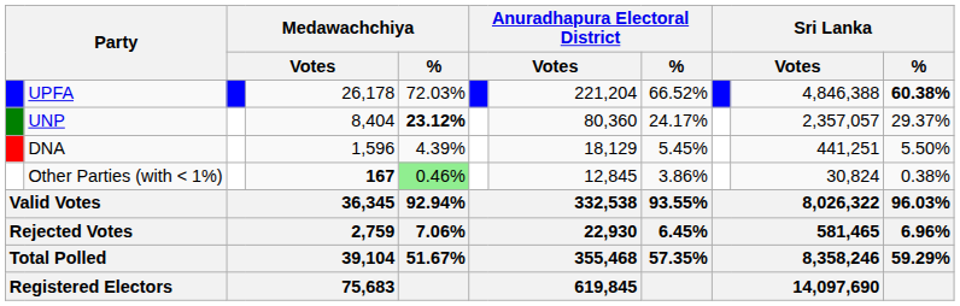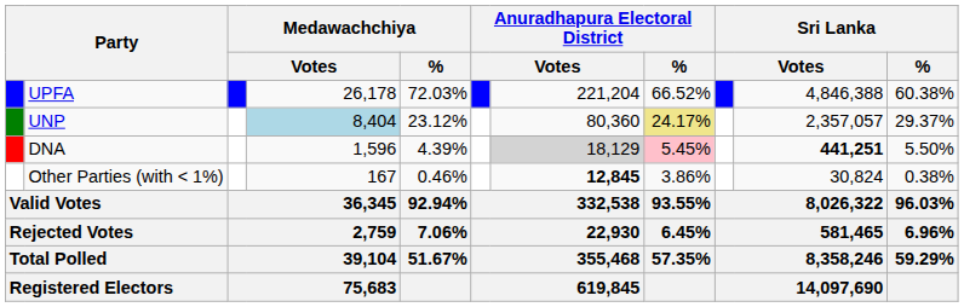 <table class="wikitable">
 <tr>
 <th colspan="2" width="144px"rowspan="2">Party</th>
 <th colspan="3" width="216px">Medawachchiya</th>
 <th colspan="3" width="216px"><a href='#'>Anuradhapura Electoral District</a></th>
 <th colspan="3" width="216px">Sri Lanka</th>
 </tr>
 <tr>
 <th colspan="2" width="144px">Votes</th>
 <th>%</th>
 <th colspan="2" width="144px">Votes</th>
 <th>%</th>
 <th colspan="2" width="144px">Votes</th>
 <th>%</th>
 </tr>
 <tr>
 <td style="background-color:blue;" width="10px"></td>
 <td style="text-align:left;"><a href='#'>UPFA</a></td>
 <td style="background-color:blue;" width="10px"></td>
 <td style="text-align:right;">26,178</td>
 <td style="text-align:right;">72.03%</td>
 <td style="background-color:blue;" width="10px"></td>
 <td style="text-align:right;">221,204</td>
 <td style="text-align:right;">66.52%</td>
 <td style="background-color:blue;" width="10px"></td>
 <td style="text-align:right;">4,846,388</td>
-<td style="text-align:right;"><strong>60.38%</strong></td>
+<td style="text-align:right;">60.38%</td>
 </tr>
 <tr>
 <td style="background-color:green;" width="10px"></td>
 <td style="text-align:left;"><a href='#'>UNP</a></td>
 <td style="background-color:white;" width="10px"></td>
-<td style="text-align:right;">8,404</td>
-<td style="text-align:right;"><strong>23.12%</strong></td>
+<td style="background: lightblue; text-align:right;">8,404</td>
+<td style="text-align:right;">23.12%</td>
 <td style="background-color:white;" width="10px"></td>
 <td style="text-align:right;">80,360</td>
-<td style="text-align:right;">24.17%</td>
+<td style="background: khaki; text-align:right;">24.17%</td>
 <td style="background-color:white;" width="10px"></td>
 <td style="text-align:right;">2,357,057</td>
 <td style="text-align:right;">29.37%</td>
 </tr>
 <tr>
 <td style="background-color:red;" width="10px"></td>
 <td style="text-align:left;">DNA</td>
 <td style="background-color:white;" width="10px"></td>
 <td style="text-align:right;">1,596</td>
 <td style="text-align:right;">4.39%</td>
 <td style="background-color:white;" width="10px"></td>
-<td style="text-align:right;">18,129</td>
-<td style="text-align:right;">5.45%</td>
+<td style="background: lightgrey; text-align:right;">18,129</td>
+<td style="background: pink; text-align:right;">5.45%</td>
 <td style="background-color:white;" width="10px"></td>
-<td style="text-align:right;">441,251</td>
+<td style="text-align:right;"><strong>441,251</strong></td>
 <td style="text-align:right;">5.50%</td>
 </tr>
 <tr>
 <td style="background-color:white;" width="10px"></td>
 <td style="text-align:left;">Other Parties (with < 1%)</td>
 <td style="background-color:white;" width="10px"></td>
-<td style="text-align:right;"><strong>167</strong></td>
-<td style="background: lightgreen; text-align:right;">0.46%</td>
+<td style="text-align:right;">167</td>
+<td style="text-align:right;">0.46%</td>
 <td style="background-color:white;" width="10px"></td>
-<td style="text-align:right;">12,845</td>
+<td style="text-align:right;"><strong>12,845</strong></td>
 <td style="text-align:right;">3.86%</td>
 <td style="background-color:white;" width="10px"></td>
 <td style="text-align:right;">30,824</td>
 <td style="text-align:right;">0.38%</td>
 </tr>
 <tr>
 <th colspan="2" width="144px"style="text-align:left;">Valid Votes</th>
 <th style="text-align:right;"colspan="2" width="144px">36,345</th>
 <th style="text-align:right;">92.94%</th>
 <th style="text-align:right;"colspan="2" width="144px">332,538</th>
 <th style="text-align:right;">93.55%</th>
 <th style="text-align:right;"colspan="2" width="144px">8,026,322</th>
 <th style="text-align:right;">96.03%</th>
 </tr>
 <tr>
 <th colspan="2" width="144px"style="text-align:left;">Rejected Votes</th>
 <th style="text-align:right;"colspan="2" width="144px">2,759</th>
 <th style="text-align:right;">7.06%</th>
 <th style="text-align:right;"colspan="2" width="144px">22,930</th>
 <th style="text-align:right;">6.45%</th>
 <th style="text-align:right;"colspan="2" width="144px">581,465</th>
 <th style="text-align:right;">6.96%</th>
 </tr>
 <tr>
 <th colspan="2" width="144px"style="text-align:left;">Total Polled</th>
 <th style="text-align:right;"colspan="2" width="144px">39,104</th>
 <th style="text-align:right;">51.67%</th>
 <th style="text-align:right;"colspan="2" width="144px">355,468</th>
 <th style="text-align:right;">57.35%</th>
 <th style="text-align:right;"colspan="2" width="144px">8,358,246</th>
 <th style="text-align:right;">59.29%</th>
 </tr>
 <tr>
 <th colspan="2" width="144px"style="text-align:left;">Registered Electors</th>
 <th style="text-align:right;"colspan="2" width="144px">75,683</th>
 <th></th>
 <th style="text-align:right;"colspan="2" width="144px">619,845</th>
 <th></th>
 <th style="text-align:right;"colspan="2" width="144px">14,097,690</th>
 <th></th>
 </tr>
 </table>
